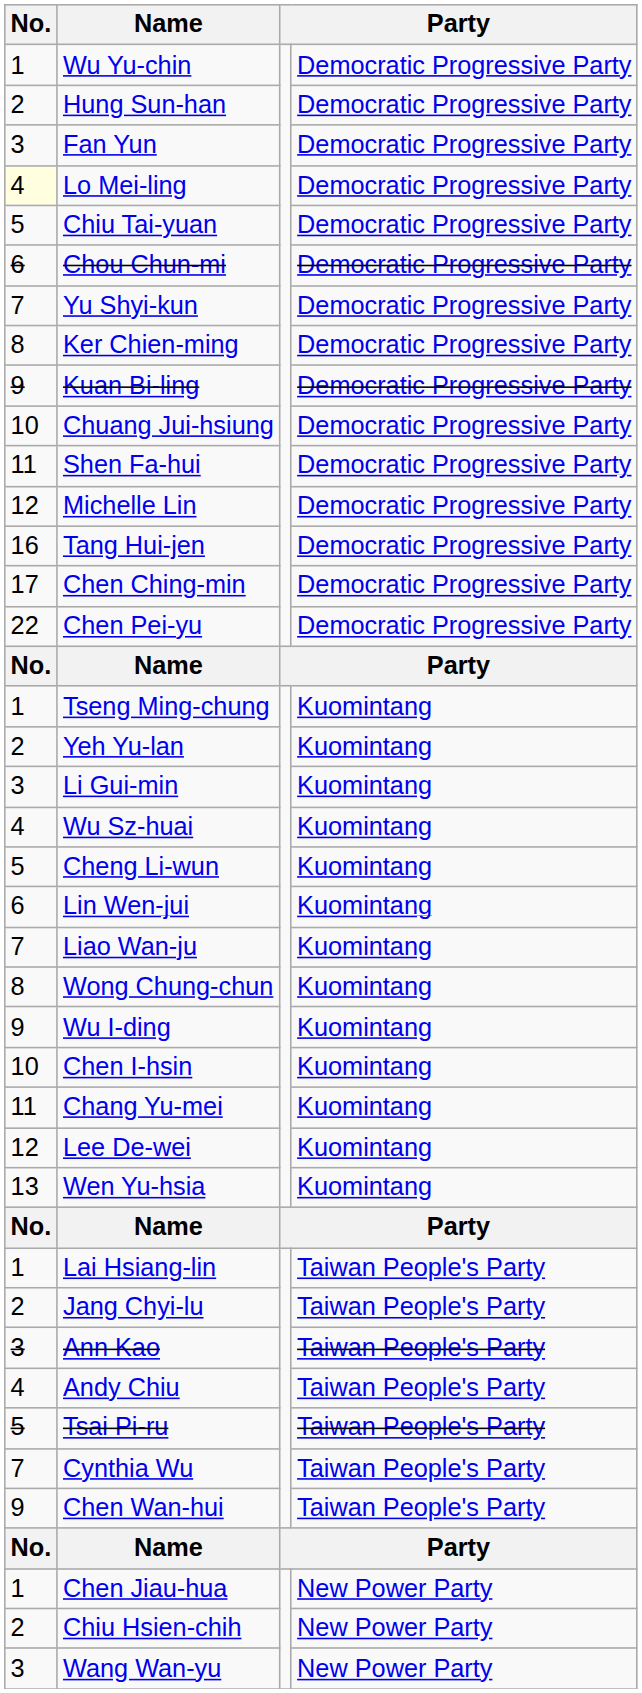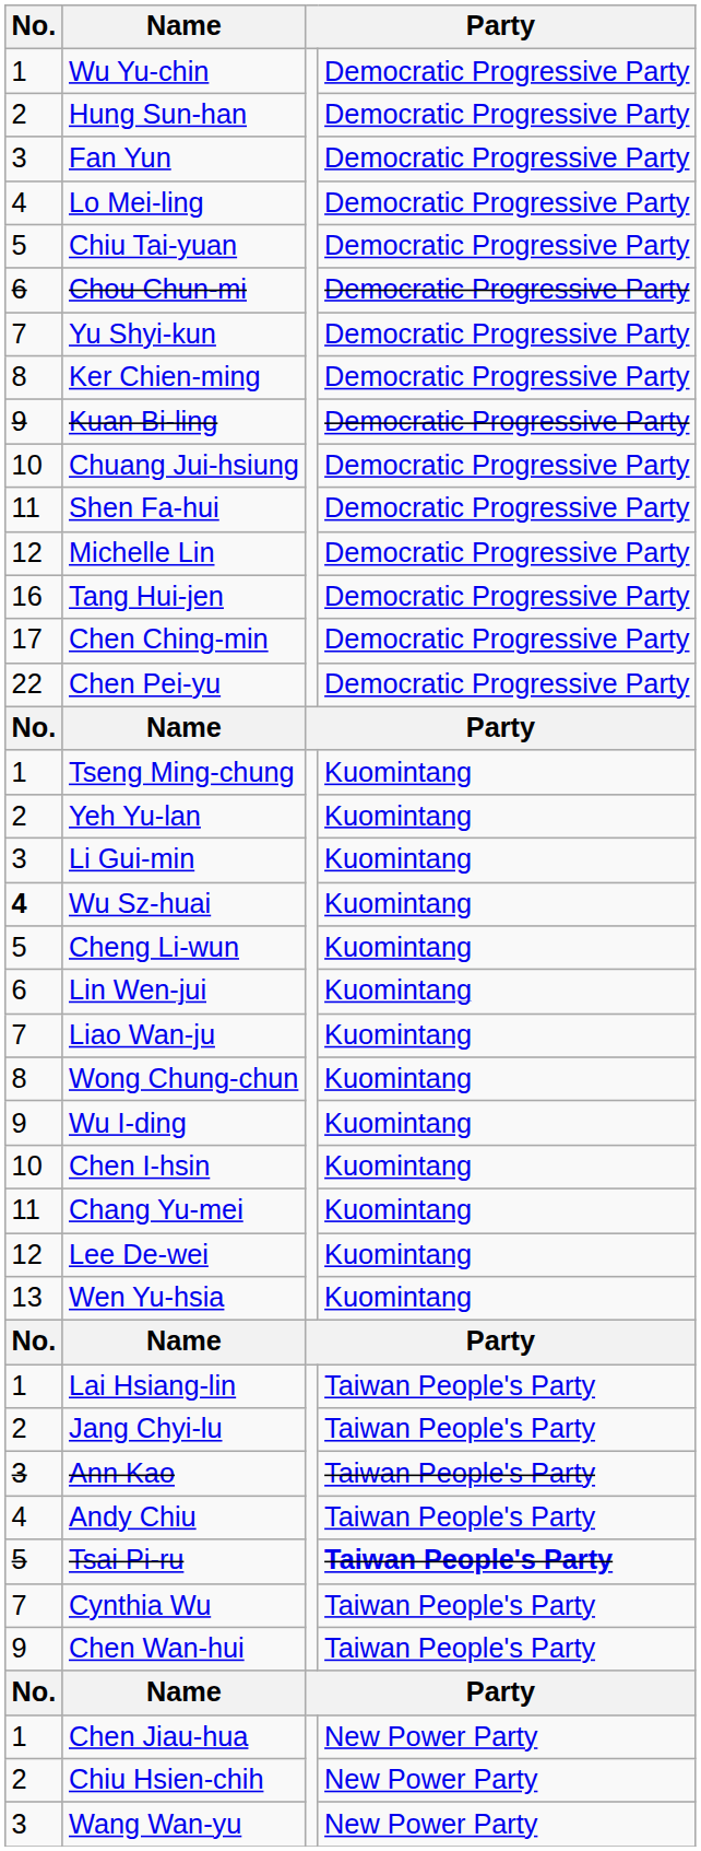 <table class="wikitable">
 <tr>
 <th>No.</th>
 <th>Name</th>
 <th colspan="2">Party</th>
 </tr>
 <tr>
 <td>1</td>
 <td><a href='#'>Wu Yu-chin</a></td>
 <td rowspan="15" style="background-color:"></td>
 <td><a href='#'>Democratic Progressive Party</a></td>
 </tr>
 <tr>
 <td>2</td>
 <td><a href='#'>Hung Sun-han</a></td>
 <td><a href='#'>Democratic Progressive Party</a></td>
 </tr>
 <tr>
 <td>3</td>
 <td><a href='#'>Fan Yun</a></td>
 <td><a href='#'>Democratic Progressive Party</a></td>
 </tr>
 <tr>
-<td style="background: lightyellow;">4</td>
+<td>4</td>
 <td><a href='#'>Lo Mei-ling</a></td>
 <td><a href='#'>Democratic Progressive Party</a></td>
 </tr>
 <tr>
 <td>5</td>
 <td><a href='#'>Chiu Tai-yuan</a></td>
 <td><a href='#'>Democratic Progressive Party</a></td>
 </tr>
 <tr>
 <td><s>6</s></td>
 <td><s><a href='#'>Chou Chun-mi</a></s></td>
 <td><s><a href='#'>Democratic Progressive Party</a></s></td>
 </tr>
 <tr>
 <td>7</td>
 <td><a href='#'>Yu Shyi-kun</a></td>
 <td><a href='#'>Democratic Progressive Party</a></td>
 </tr>
 <tr>
 <td>8</td>
 <td><a href='#'>Ker Chien-ming</a></td>
 <td><a href='#'>Democratic Progressive Party</a></td>
 </tr>
 <tr>
 <td><s>9</s></td>
 <td><s><a href='#'>Kuan Bi-ling</a></s></td>
 <td><s><a href='#'>Democratic Progressive Party</a></s></td>
 </tr>
 <tr>
 <td>10</td>
 <td><a href='#'>Chuang Jui-hsiung</a></td>
 <td><a href='#'>Democratic Progressive Party</a></td>
 </tr>
 <tr>
 <td>11</td>
 <td><a href='#'>Shen Fa-hui</a></td>
 <td><a href='#'>Democratic Progressive Party</a></td>
 </tr>
 <tr>
 <td>12</td>
 <td><a href='#'>Michelle Lin</a></td>
 <td><a href='#'>Democratic Progressive Party</a></td>
 </tr>
 <tr>
 <td>16</td>
 <td><a href='#'>Tang Hui-jen</a></td>
 <td><a href='#'>Democratic Progressive Party</a></td>
 </tr>
 <tr>
 <td>17</td>
 <td><a href='#'>Chen Ching-min</a></td>
 <td><a href='#'>Democratic Progressive Party</a></td>
 </tr>
 <tr>
 <td>22</td>
 <td><a href='#'>Chen Pei-yu</a></td>
 <td><a href='#'>Democratic Progressive Party</a></td>
 </tr>
 <tr>
 <th>No.</th>
 <th>Name</th>
 <th colspan="2">Party</th>
 </tr>
 <tr>
 <td>1</td>
 <td><a href='#'>Tseng Ming-chung</a></td>
 <td rowspan="13" style="background-color:"></td>
 <td><a href='#'>Kuomintang</a></td>
 </tr>
 <tr>
 <td>2</td>
 <td><a href='#'>Yeh Yu-lan</a></td>
 <td><a href='#'>Kuomintang</a></td>
 </tr>
 <tr>
 <td>3</td>
 <td><a href='#'>Li Gui-min</a></td>
 <td><a href='#'>Kuomintang</a></td>
 </tr>
 <tr>
-<td>4</td>
+<td><strong>4</strong></td>
 <td><a href='#'>Wu Sz-huai</a></td>
 <td><a href='#'>Kuomintang</a></td>
 </tr>
 <tr>
 <td>5</td>
 <td><a href='#'>Cheng Li-wun</a></td>
 <td><a href='#'>Kuomintang</a></td>
 </tr>
 <tr>
 <td>6</td>
 <td><a href='#'>Lin Wen-jui</a></td>
 <td><a href='#'>Kuomintang</a></td>
 </tr>
 <tr>
 <td>7</td>
 <td><a href='#'>Liao Wan-ju</a></td>
 <td><a href='#'>Kuomintang</a></td>
 </tr>
 <tr>
 <td>8</td>
 <td><a href='#'>Wong Chung-chun</a></td>
 <td><a href='#'>Kuomintang</a></td>
 </tr>
 <tr>
 <td>9</td>
 <td><a href='#'>Wu I-ding</a></td>
 <td><a href='#'>Kuomintang</a></td>
 </tr>
 <tr>
 <td>10</td>
 <td><a href='#'>Chen I-hsin</a></td>
 <td><a href='#'>Kuomintang</a></td>
 </tr>
 <tr>
 <td>11</td>
 <td><a href='#'>Chang Yu-mei</a></td>
 <td><a href='#'>Kuomintang</a></td>
 </tr>
 <tr>
 <td>12</td>
 <td><a href='#'>Lee De-wei</a></td>
 <td><a href='#'>Kuomintang</a></td>
 </tr>
 <tr>
 <td>13</td>
 <td><a href='#'>Wen Yu-hsia</a></td>
 <td><a href='#'>Kuomintang</a></td>
 </tr>
 <tr>
 <th>No.</th>
 <th>Name</th>
 <th colspan="2">Party</th>
 </tr>
 <tr>
 <td>1</td>
 <td><a href='#'>Lai Hsiang-lin</a></td>
 <td rowspan="7" style="background-color:"></td>
 <td><a href='#'>Taiwan People's Party</a></td>
 </tr>
 <tr>
 <td>2</td>
 <td><a href='#'>Jang Chyi-lu</a></td>
 <td><a href='#'>Taiwan People's Party</a></td>
 </tr>
 <tr>
 <td><s>3</s></td>
 <td><s><a href='#'>Ann Kao</a></s></td>
 <td><s><a href='#'>Taiwan People's Party</a></s></td>
 </tr>
 <tr>
 <td>4</td>
 <td><a href='#'>Andy Chiu</a></td>
 <td><a href='#'>Taiwan People's Party</a></td>
 </tr>
 <tr>
 <td><s>5</s></td>
 <td><s><a href='#'>Tsai Pi-ru</a></s></td>
-<td><s><a href='#'>Taiwan People's Party</a></s></td>
+<td><strong><s><a href='#'>Taiwan People's Party</a></s></strong></td>
 </tr>
 <tr>
 <td>7</td>
 <td><a href='#'>Cynthia Wu</a></td>
 <td><a href='#'>Taiwan People's Party</a></td>
 </tr>
 <tr>
 <td>9</td>
 <td><a href='#'>Chen Wan-hui</a></td>
 <td><a href='#'>Taiwan People's Party</a></td>
 </tr>
 <tr>
 <th>No.</th>
 <th>Name</th>
 <th colspan="2">Party</th>
 </tr>
 <tr>
 <td>1</td>
 <td><a href='#'>Chen Jiau-hua</a></td>
 <td rowspan="3" style="background-color:"></td>
 <td><a href='#'>New Power Party</a></td>
 </tr>
 <tr>
 <td>2</td>
 <td><a href='#'>Chiu Hsien-chih</a></td>
 <td><a href='#'>New Power Party</a></td>
 </tr>
 <tr>
 <td>3</td>
 <td><a href='#'>Wang Wan-yu</a></td>
 <td><a href='#'>New Power Party</a></td>
 </tr>
 </table>
